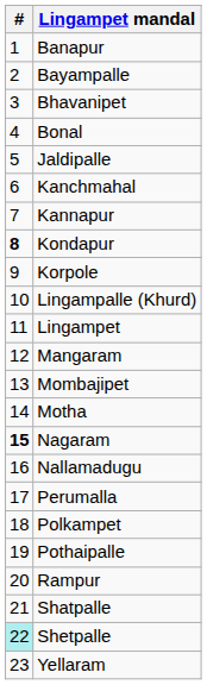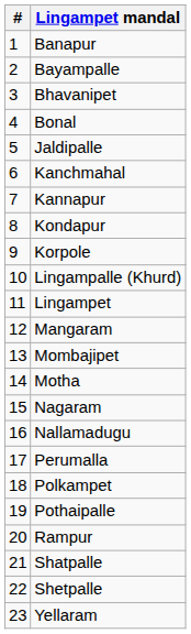 <table class="wikitable">
 <tr>
 <th>#</th>
 <th><a href='#'>Lingampet</a> mandal</th>
 </tr>
 <tr>
 <td>1</td>
 <td>Banapur</td>
 </tr>
 <tr>
 <td>2</td>
 <td>Bayampalle</td>
 </tr>
 <tr>
 <td>3</td>
 <td>Bhavanipet</td>
 </tr>
 <tr>
 <td>4</td>
 <td>Bonal</td>
 </tr>
 <tr>
 <td>5</td>
 <td>Jaldipalle</td>
 </tr>
 <tr>
 <td>6</td>
 <td>Kanchmahal</td>
 </tr>
 <tr>
 <td>7</td>
 <td>Kannapur</td>
 </tr>
 <tr>
-<td><strong>8</strong></td>
+<td>8</td>
 <td>Kondapur</td>
 </tr>
 <tr>
 <td>9</td>
 <td>Korpole</td>
 </tr>
 <tr>
 <td>10</td>
 <td>Lingampalle (Khurd)</td>
 </tr>
 <tr>
 <td>11</td>
 <td>Lingampet</td>
 </tr>
 <tr>
 <td>12</td>
 <td>Mangaram</td>
 </tr>
 <tr>
 <td>13</td>
 <td>Mombajipet</td>
 </tr>
 <tr>
 <td>14</td>
 <td>Motha</td>
 </tr>
 <tr>
-<td><strong>15</strong></td>
+<td>15</td>
 <td>Nagaram</td>
 </tr>
 <tr>
 <td>16</td>
 <td>Nallamadugu</td>
 </tr>
 <tr>
 <td>17</td>
 <td>Perumalla</td>
 </tr>
 <tr>
 <td>18</td>
 <td>Polkampet</td>
 </tr>
 <tr>
 <td>19</td>
 <td>Pothaipalle</td>
 </tr>
 <tr>
 <td>20</td>
 <td>Rampur</td>
 </tr>
 <tr>
 <td>21</td>
 <td>Shatpalle</td>
 </tr>
 <tr>
-<td style="background: paleturquoise;">22</td>
+<td>22</td>
 <td>Shetpalle</td>
 </tr>
 <tr>
 <td>23</td>
 <td>Yellaram</td>
 </tr>
 </table>
